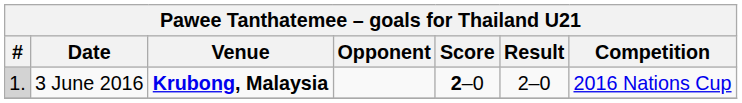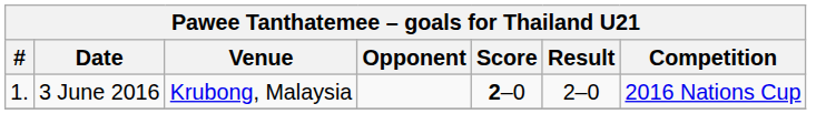 <table class="wikitable" style="font-size:95%;">
 <tr>
 <th colspan="8"><strong>Pawee Tanthatemee – goals for Thailand U21</strong></th>
 </tr>
 <tr>
 <th>#</th>
 <th>Date</th>
 <th>Venue</th>
 <th>Opponent</th>
 <th>Score</th>
 <th>Result</th>
 <th>Competition</th>
 </tr>
 <tr>
-<td style="background: lightgrey;">1.</td>
+<td>1.</td>
 <td>3 June 2016</td>
-<td><strong><a href='#'>Krubong</a>, Malaysia</strong></td>
+<td><a href='#'>Krubong</a>, Malaysia</td>
 <td></td>
 <td align=center><strong>2</strong>–0</td>
 <td align=center>2–0</td>
 <td><a href='#'>2016 Nations Cup</a></td>
 </tr>
 <tr>
 </tr>
 </table>
